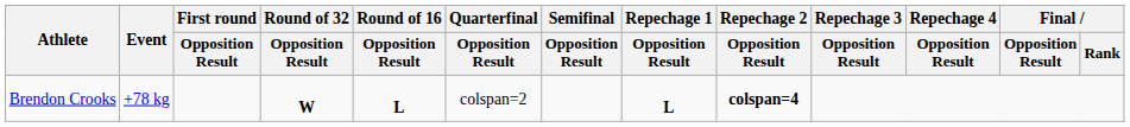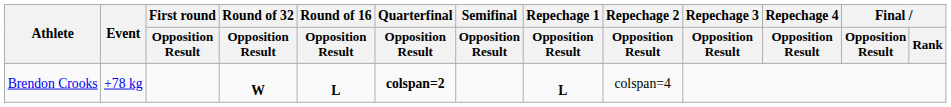 <table class=wikitable style=font-size:90%;text-align:center>
 <tr>
 <th rowspan=2>Athlete</th>
 <th rowspan=2>Event</th>
 <th>First round</th>
 <th>Round of 32</th>
 <th>Round of 16</th>
 <th>Quarterfinal</th>
 <th>Semifinal</th>
 <th>Repechage 1</th>
 <th>Repechage 2</th>
 <th>Repechage 3</th>
 <th>Repechage 4</th>
 <th colspan=2>Final / </th>
 </tr>
 <tr style=font-size:95%>
 <th>Opposition<br>Result</th>
 <th>Opposition<br>Result</th>
 <th>Opposition<br>Result</th>
 <th>Opposition<br>Result</th>
 <th>Opposition<br>Result</th>
 <th>Opposition<br>Result</th>
 <th>Opposition<br>Result</th>
 <th>Opposition<br>Result</th>
 <th>Opposition<br>Result</th>
 <th>Opposition<br>Result</th>
 <th>Rank</th>
 </tr>
 <tr>
 <td align=left><a href='#'>Brendon Crooks</a></td>
 <td align=left><a href='#'>+78 kg</a></td>
 <td></td>
 <td><br><strong>W</strong></td>
 <td><br><strong>L</strong></td>
-<td>colspan=2 </td>
+<td><strong>colspan=2 </strong></td>
 <td></td>
 <td><br><strong>L</strong></td>
-<td><strong>colspan=4 </strong></td>
+<td>colspan=4 </td>
 </tr>
 </table>
